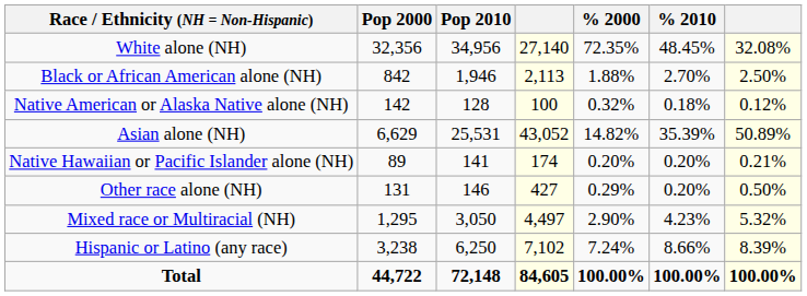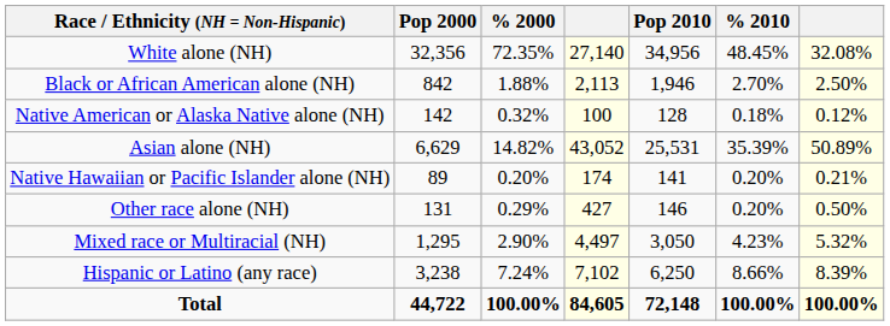 <table class="wikitable" style="text-align:center;">
 <tr>
 <th>Race / Ethnicity <small>(<em>NH = Non-Hispanic</em>)</small></th>
 <th>Pop 2000</th>
+<th>% 2000</th>
+<th></th>
 <th>Pop 2010</th>
-<th></th>
-<th>% 2000</th>
 <th>% 2010</th>
 <th></th>
 </tr>
 <tr>
 <td><a href='#'>White</a> alone (NH)</td>
 <td>32,356</td>
+<td>72.35%</td>
+<td style='background: #ffffe6;'>27,140</td>
 <td>34,956</td>
-<td style='background: #ffffe6;'>27,140</td>
-<td>72.35%</td>
 <td>48.45%</td>
 <td style='background: #ffffe6;'>32.08%</td>
 </tr>
 <tr>
 <td><a href='#'>Black or African American</a> alone (NH)</td>
 <td>842</td>
+<td>1.88%</td>
+<td style='background: #ffffe6;'>2,113</td>
 <td>1,946</td>
-<td style='background: #ffffe6;'>2,113</td>
-<td>1.88%</td>
 <td>2.70%</td>
 <td style='background: #ffffe6;'>2.50%</td>
 </tr>
 <tr>
 <td><a href='#'>Native American</a> or <a href='#'>Alaska Native</a> alone (NH)</td>
 <td>142</td>
+<td>0.32%</td>
+<td style='background: #ffffe6;'>100</td>
 <td>128</td>
-<td style='background: #ffffe6;'>100</td>
-<td>0.32%</td>
 <td>0.18%</td>
 <td style='background: #ffffe6;'>0.12%</td>
 </tr>
 <tr>
 <td><a href='#'>Asian</a> alone (NH)</td>
 <td>6,629</td>
+<td>14.82%</td>
+<td style='background: #ffffe6;'>43,052</td>
 <td>25,531</td>
-<td style='background: #ffffe6;'>43,052</td>
-<td>14.82%</td>
 <td>35.39%</td>
 <td style='background: #ffffe6;'>50.89%</td>
 </tr>
 <tr>
 <td><a href='#'>Native Hawaiian</a> or <a href='#'>Pacific Islander</a> alone (NH)</td>
 <td>89</td>
+<td>0.20%</td>
+<td style='background: #ffffe6;'>174</td>
 <td>141</td>
-<td style='background: #ffffe6;'>174</td>
-<td>0.20%</td>
 <td>0.20%</td>
 <td style='background: #ffffe6;'>0.21%</td>
 </tr>
 <tr>
 <td><a href='#'>Other race</a> alone (NH)</td>
 <td>131</td>
+<td>0.29%</td>
+<td style='background: #ffffe6;'>427</td>
 <td>146</td>
-<td style='background: #ffffe6;'>427</td>
-<td>0.29%</td>
 <td>0.20%</td>
 <td style='background: #ffffe6;'>0.50%</td>
 </tr>
 <tr>
 <td><a href='#'>Mixed race or Multiracial</a> (NH)</td>
 <td>1,295</td>
+<td>2.90%</td>
+<td style='background: #ffffe6;'>4,497</td>
 <td>3,050</td>
-<td style='background: #ffffe6;'>4,497</td>
-<td>2.90%</td>
 <td>4.23%</td>
 <td style='background: #ffffe6;'>5.32%</td>
 </tr>
 <tr>
 <td><a href='#'>Hispanic or Latino</a> (any race)</td>
 <td>3,238</td>
+<td>7.24%</td>
+<td style='background: #ffffe6;'>7,102</td>
 <td>6,250</td>
-<td style='background: #ffffe6;'>7,102</td>
-<td>7.24%</td>
 <td>8.66%</td>
 <td style='background: #ffffe6;'>8.39%</td>
 </tr>
 <tr>
 <td><strong>Total</strong></td>
 <td><strong>44,722</strong></td>
+<td><strong>100.00%</strong></td>
+<td style='background: #ffffe6;'><strong>84,605</strong></td>
 <td><strong>72,148</strong></td>
-<td style='background: #ffffe6;'><strong>84,605</strong></td>
-<td><strong>100.00%</strong></td>
 <td><strong>100.00%</strong></td>
 <td style='background: #ffffe6;'><strong>100.00%</strong></td>
 </tr>
 </table>
